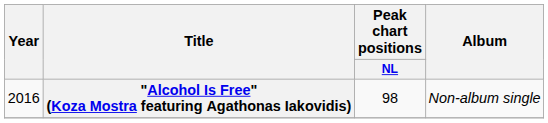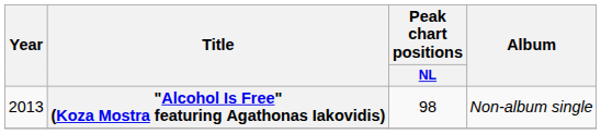 <table class="wikitable plainrowheaders" style="text-align:center;">
 <tr>
 <th scope="col" rowspan="2">Year</th>
 <th scope="col" rowspan="2">Title</th>
 <th scope="col" colspan="1">Peak chart positions</th>
 <th scope="col" rowspan="2">Album</th>
 </tr>
 <tr>
 <th scope="col" style="width:3em;font-size:85%;"><a href='#'>NL</a><br></th>
 </tr>
 <tr>
-<td>2016</td>
+<td>2013</td>
 <th scope="row">"<a href='#'>Alcohol Is Free</a>"<br><span>(<a href='#'>Koza Mostra</a> featuring <strong>Agathonas Iakovidis</strong>)</span></th>
 <td>98</td>
 <td><em>Non-album single</em></td>
 </tr>
 <tr>
 </tr>
 </table>
